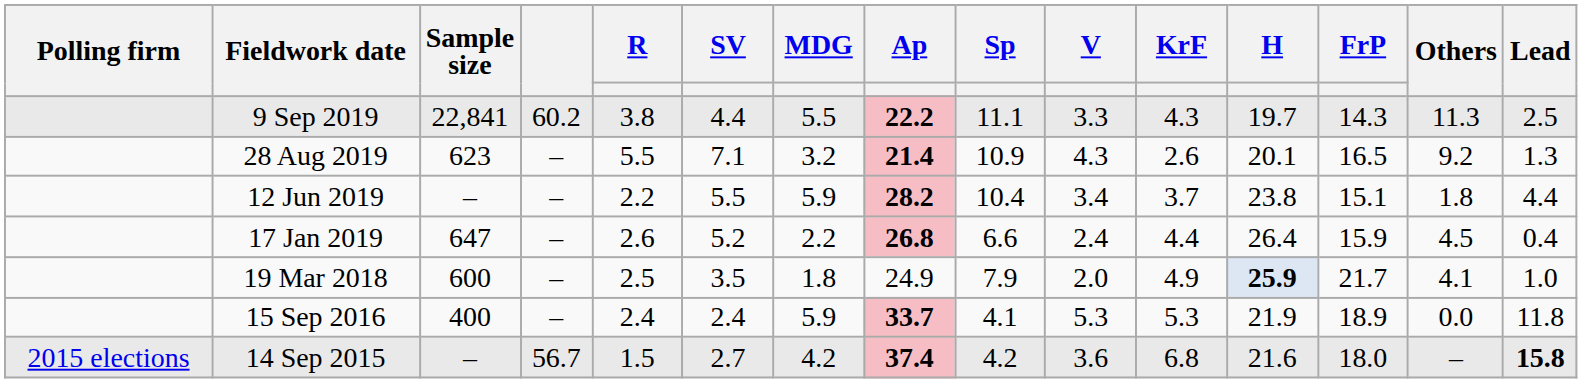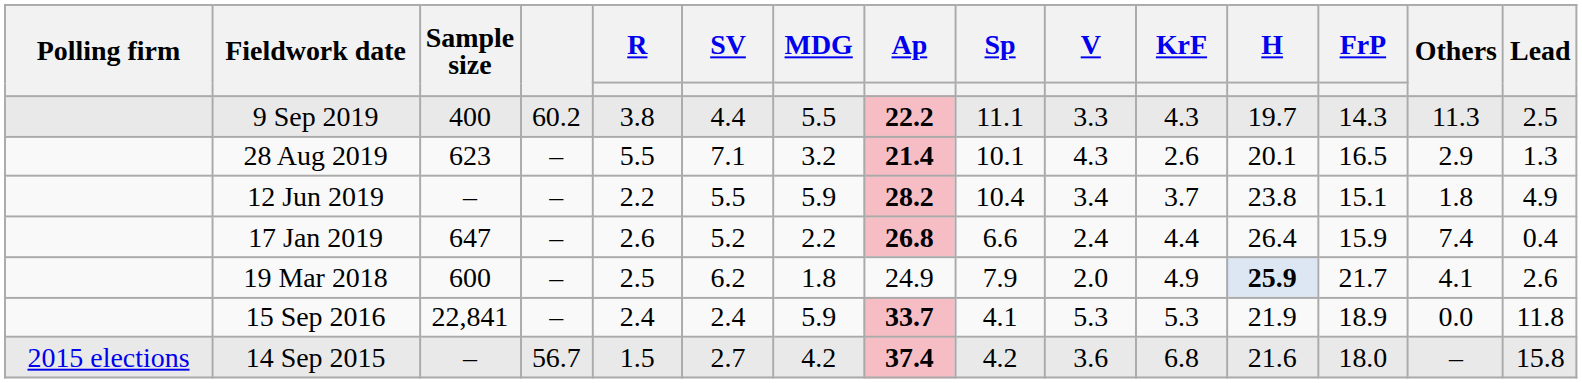 <table class="wikitable sortable" style="text-align:center;font-size:90%;line-height:14px;">
 <tr style="height:40px;">
 <th style="width:100px;" rowspan="2">Polling firm</th>
 <th style="width:100px;" rowspan="2">Fieldwork date</th>
 <th style="width:35px;" rowspan="2">Sample<br>size</th>
 <th style="width:30px;" rowspan="2"></th>
 <th class="unsortable" style="width:40px;"><a href='#'>R</a></th>
 <th class="unsortable" style="width:40px;"><a href='#'>SV</a></th>
 <th class="unsortable" style="width:40px;"><a href='#'>MDG</a></th>
 <th class="unsortable" style="width:40px;"><a href='#'>Ap</a></th>
 <th class="unsortable" style="width:40px;"><a href='#'>Sp</a></th>
 <th class="unsortable" style="width:40px;"><a href='#'>V</a></th>
 <th class="unsortable" style="width:40px;"><a href='#'>KrF</a></th>
 <th class="unsortable" style="width:40px;"><a href='#'>H</a></th>
 <th class="unsortable" style="width:40px;"><a href='#'>FrP</a></th>
 <th class="unsortable" style="width:30px;" rowspan="2">Others</th>
 <th style="width:30px;" rowspan="2">Lead</th>
 </tr>
 <tr>
 <th style="background:"></th>
 <th style="background:"></th>
 <th style="background:"></th>
 <th style="background:"></th>
 <th style="background:"></th>
 <th style="background:"></th>
 <th style="background:"></th>
 <th style="background:"></th>
 <th style="background:"></th>
 </tr>
 <tr style="background:#E9E9E9;">
 <td></td>
 <td data-sort-value="2019-09-09">9 Sep 2019</td>
-<td>22,841</td>
+<td>400</td>
 <td>60.2</td>
 <td>3.8</td>
 <td>4.4</td>
 <td>5.5</td>
 <td style="background:#F7BDC5;"><strong>22.2</strong></td>
 <td>11.1</td>
 <td>3.3</td>
 <td>4.3</td>
 <td>19.7</td>
 <td>14.3</td>
 <td>11.3</td>
 <td style="background:">2.5</td>
 </tr>
 <tr>
 <td></td>
 <td data-sort-value="2019-08-30">28 Aug 2019</td>
 <td>623</td>
 <td>–</td>
 <td>5.5</td>
 <td>7.1</td>
 <td>3.2</td>
 <td style="background:#F7BDC5;"><strong>21.4</strong></td>
-<td>10.9</td>
+<td>10.1</td>
 <td>4.3</td>
 <td>2.6</td>
 <td>20.1</td>
 <td>16.5</td>
-<td>9.2</td>
+<td>2.9</td>
 <td style="background:">1.3</td>
 </tr>
 <tr>
 <td></td>
 <td data-sort-value="2019-06-12">12 Jun 2019</td>
 <td>–</td>
 <td>–</td>
 <td>2.2</td>
 <td>5.5</td>
 <td>5.9</td>
 <td style="background:#F7BDC5;"><strong>28.2</strong></td>
 <td>10.4</td>
 <td>3.4</td>
 <td>3.7</td>
 <td>23.8</td>
 <td>15.1</td>
 <td>1.8</td>
-<td style="background:">4.4</td>
+<td style="background:">4.9</td>
 </tr>
 <tr>
 <td></td>
 <td data-sort-value="2019-01-17">17 Jan 2019</td>
 <td>647</td>
 <td>–</td>
 <td>2.6</td>
 <td>5.2</td>
 <td>2.2</td>
 <td style="background:#F7BDC5;"><strong>26.8</strong></td>
 <td>6.6</td>
 <td>2.4</td>
 <td>4.4</td>
 <td>26.4</td>
 <td>15.9</td>
-<td>4.5</td>
+<td>7.4</td>
 <td style="background:">0.4</td>
 </tr>
 <tr>
 <td></td>
 <td data-sort-value="2018-03-19">19 Mar 2018</td>
 <td>600</td>
 <td>–</td>
 <td>2.5</td>
-<td>3.5</td>
+<td>6.2</td>
 <td>1.8</td>
 <td>24.9</td>
 <td>7.9</td>
 <td>2.0</td>
 <td>4.9</td>
 <td style="background:#DCE7F3;"><strong>25.9</strong></td>
 <td>21.7</td>
 <td>4.1</td>
-<td style="background:">1.0</td>
+<td style="background:">2.6</td>
 </tr>
 <tr>
 <td></td>
 <td data-sort-value="2016-09-15">15 Sep 2016</td>
-<td>400</td>
+<td>22,841</td>
 <td>–</td>
 <td>2.4</td>
 <td>2.4</td>
 <td>5.9</td>
 <td style="background:#F7BDC5;"><strong>33.7</strong></td>
 <td>4.1</td>
 <td>5.3</td>
 <td>5.3</td>
 <td>21.9</td>
 <td>18.9</td>
 <td>0.0</td>
 <td style="background:">11.8</td>
 </tr>
 <tr style="background:#E9E9E9;">
 <td><a href='#'>2015 elections</a></td>
 <td data-sort-value="2015-09-14">14 Sep 2015</td>
 <td>–</td>
 <td>56.7</td>
 <td>1.5</td>
 <td>2.7</td>
 <td>4.2</td>
 <td style="background:#F7BDC5;"><strong>37.4</strong></td>
 <td>4.2</td>
 <td>3.6</td>
 <td>6.8</td>
 <td>21.6</td>
 <td>18.0</td>
 <td>–</td>
-<td style="background:"><strong>15.8</strong></td>
+<td style="background:">15.8</td>
 </tr>
 </table>
